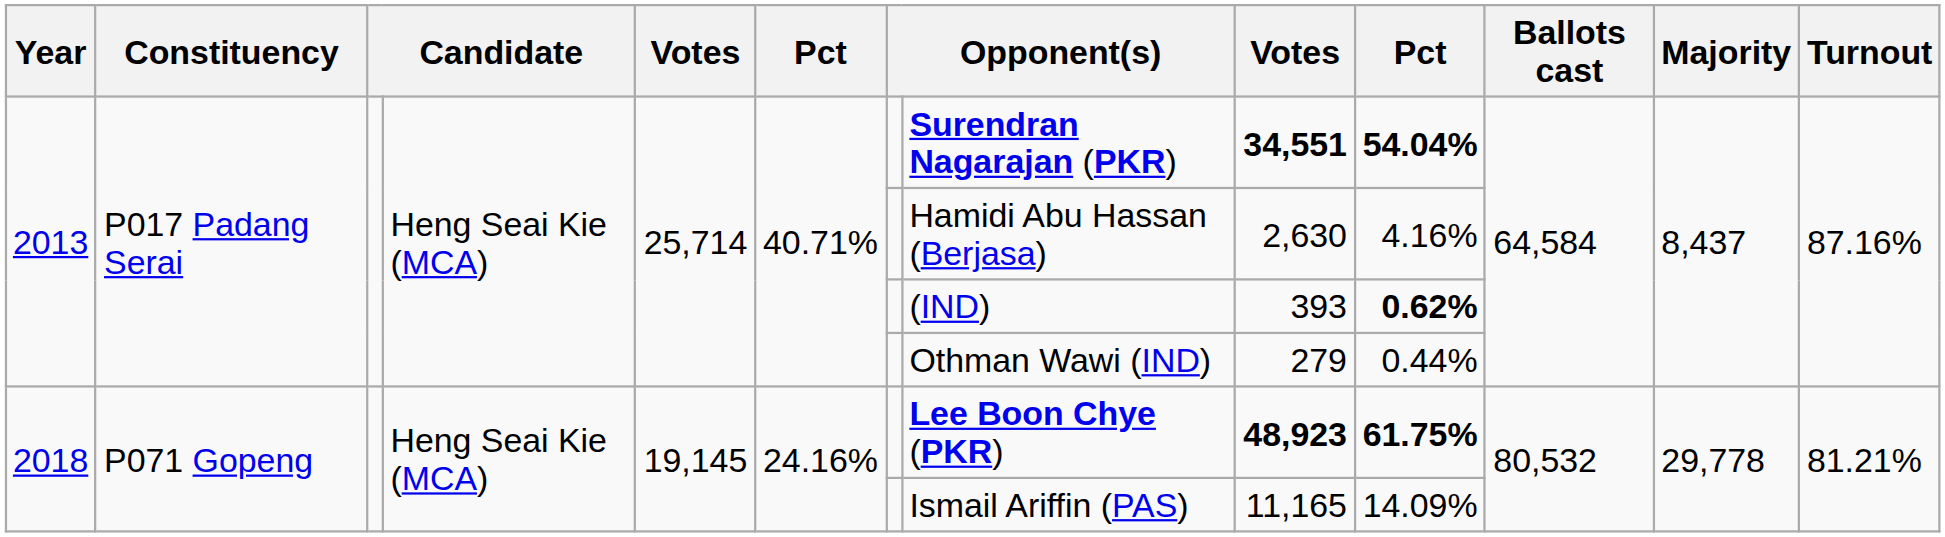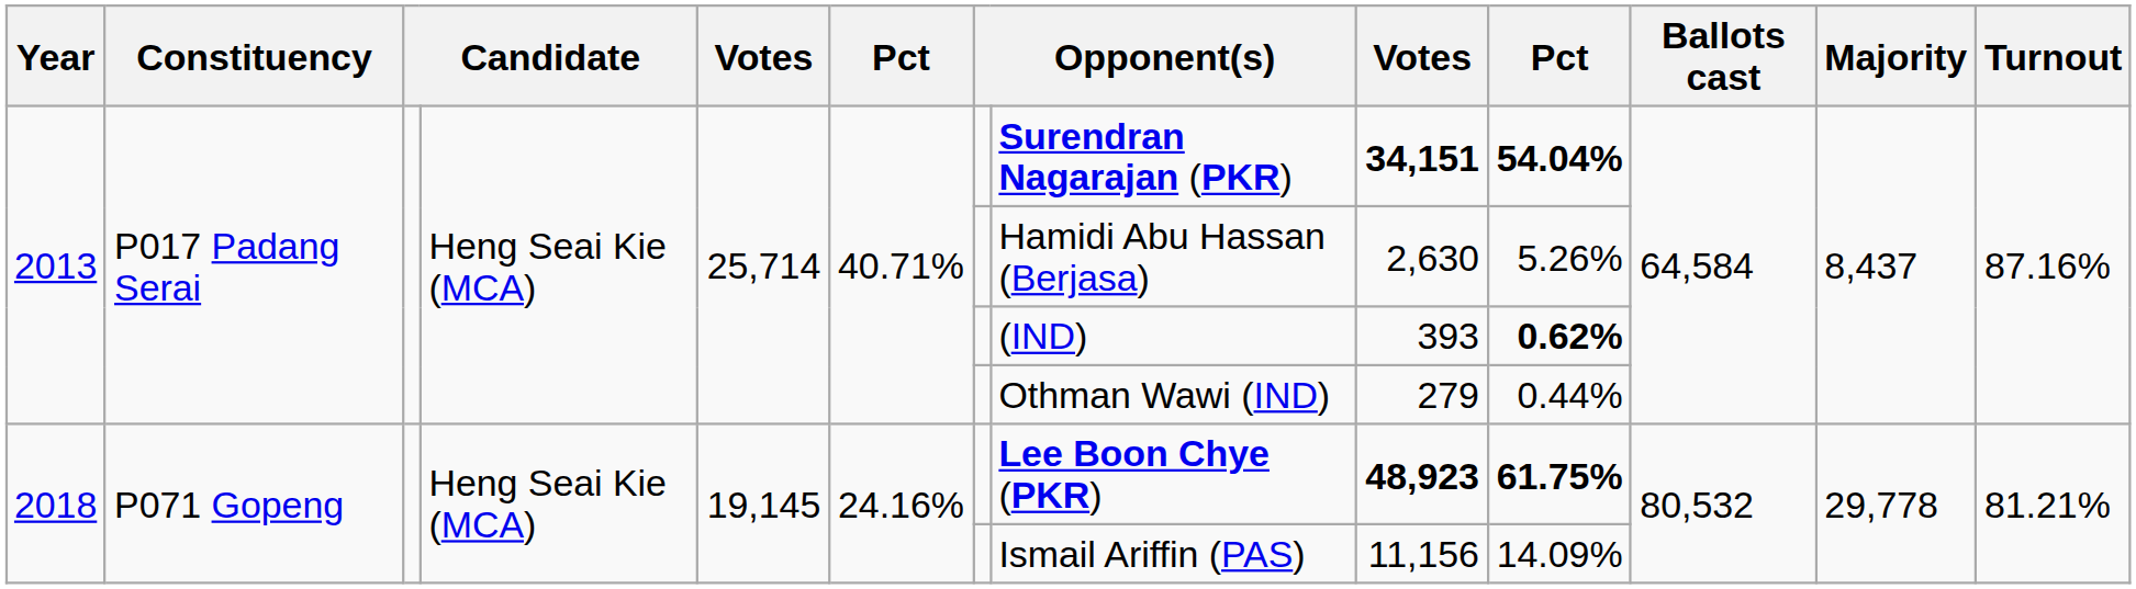 <table class="wikitable" style="margin:0.5em ; font-size:95%">
 <tr>
 <th>Year</th>
 <th>Constituency</th>
 <th colspan=2>Candidate</th>
 <th>Votes</th>
 <th>Pct</th>
 <th colspan=2>Opponent(s)</th>
 <th>Votes</th>
 <th>Pct</th>
 <th>Ballots cast</th>
 <th>Majority</th>
 <th>Turnout</th>
 </tr>
 <tr>
 <td rowspan=4><a href='#'>2013</a></td>
 <td rowspan=4>P017 <a href='#'>Padang Serai</a></td>
 <td rowspan=4 ></td>
 <td rowspan=4>Heng Seai Kie (<a href='#'>MCA</a>)</td>
 <td rowspan=4 align=right>25,714</td>
 <td rowspan=4>40.71%</td>
 <td></td>
 <td><strong><a href='#'>Surendran Nagarajan</a></strong> (<a href='#'><strong>PKR</strong></a>)</td>
-<td align=right><strong>34,551</strong></td>
+<td align=right><strong>34,151</strong></td>
 <td><strong>54.04%</strong></td>
 <td rowspan=4>64,584</td>
 <td rowspan=4>8,437</td>
 <td rowspan=4>87.16%</td>
 </tr>
 <tr>
 <td bgcolor=></td>
 <td>Hamidi Abu Hassan (<a href='#'>Berjasa</a>)</td>
 <td align=right>2,630</td>
-<td align=right>4.16%</td>
+<td align=right>5.26%</td>
 </tr>
 <tr>
 <td></td>
 <td> (<a href='#'>IND</a>)</td>
 <td align=right>393</td>
 <td align=right><strong>0.62%</strong></td>
 </tr>
 <tr>
 <td></td>
 <td>Othman Wawi (<a href='#'>IND</a>)</td>
 <td align=right>279</td>
 <td align=right>0.44%</td>
 </tr>
 <tr>
 <td rowspan=2><a href='#'>2018</a></td>
 <td rowspan=2>P071 <a href='#'>Gopeng</a></td>
 <td rowspan=2 ></td>
 <td rowspan=2>Heng Seai Kie (<a href='#'>MCA</a>)</td>
 <td rowspan=2 align=right>19,145</td>
 <td rowspan=2>24.16%</td>
 <td></td>
 <td><strong><a href='#'>Lee Boon Chye</a></strong> (<a href='#'><strong>PKR</strong></a>)</td>
 <td align=right><strong>48,923</strong></td>
 <td><strong>61.75%</strong></td>
 <td rowspan=2>80,532</td>
 <td rowspan=2>29,778</td>
 <td rowspan=2>81.21%</td>
 </tr>
 <tr>
 <td></td>
 <td>Ismail Ariffin	(<a href='#'>PAS</a>)</td>
-<td align=right>11,165</td>
+<td align=right>11,156</td>
 <td>14.09%</td>
 </tr>
 </table>
